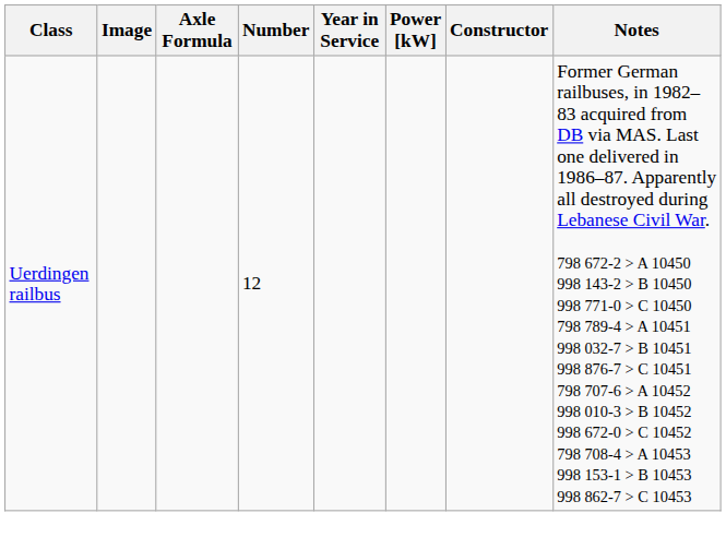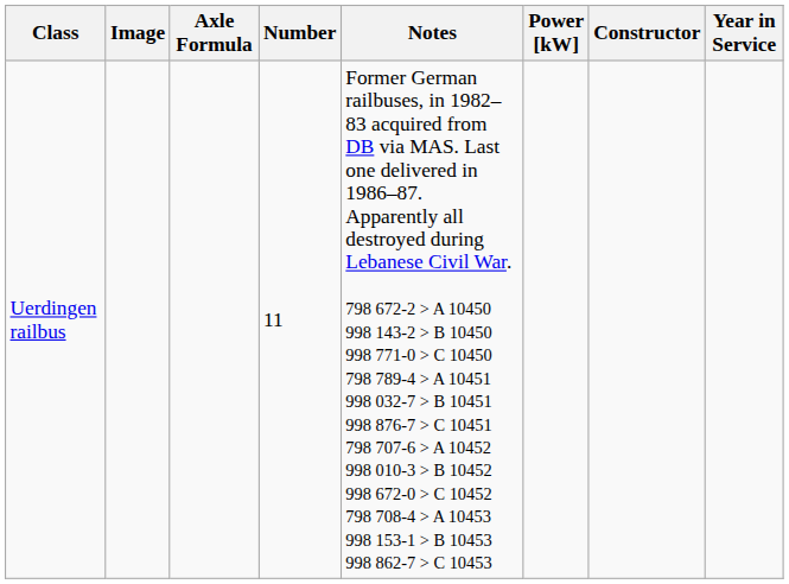 <table class="wikitable">
 <tr>
 <th align=center>Class</th>
 <th align=center>Image</th>
 <th align=center>Axle Formula</th>
 <th align=center>Number</th>
-<th align=center>Year in Service</th>
+<th align=center>Notes</th>
 <th align=center>Power<br>[kW]</th>
 <th align=center>Constructor</th>
-<th align=center>Notes</th>
+<th align=center>Year in Service</th>
 </tr>
 <tr>
 <td><a href='#'>Uerdingen railbus</a></td>
 <td></td>
 <td></td>
-<td>12</td>
+<td>11</td>
+<td>Former German railbuses, in 1982–83 acquired from <a href='#'>DB</a> via MAS. Last one delivered in 1986–87. Apparently all destroyed during <a href='#'>Lebanese Civil War</a>.<br><br><small>798 672-2 > A 10450<br> 998 143-2 > B 10450<br> 998 771-0 > C 10450<br> 798 789-4 > A 10451<br> 998 032-7 > B 10451<br> 998 876-7 > C 10451<br> 798 707-6 > A 10452<br> 998 010-3 > B 10452<br> 998 672-0 > C 10452<br> 798 708-4 > A 10453<br> 998 153-1 > B 10453<br> 998 862-7 > C 10453</small></td>
 <td></td>
 <td></td>
 <td></td>
-<td>Former German railbuses, in 1982–83 acquired from <a href='#'>DB</a> via MAS. Last one delivered in 1986–87. Apparently all destroyed during <a href='#'>Lebanese Civil War</a>.<br><br><small>798 672-2 > A 10450<br> 998 143-2 > B 10450<br> 998 771-0 > C 10450<br> 798 789-4 > A 10451<br> 998 032-7 > B 10451<br> 998 876-7 > C 10451<br> 798 707-6 > A 10452<br> 998 010-3 > B 10452<br> 998 672-0 > C 10452<br> 798 708-4 > A 10453<br> 998 153-1 > B 10453<br> 998 862-7 > C 10453</small></td>
 </tr>
 </table>
